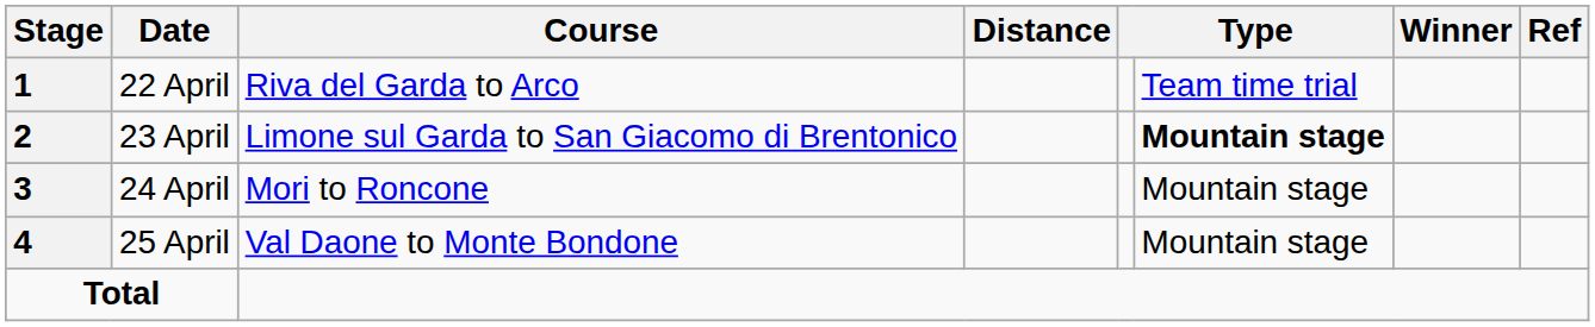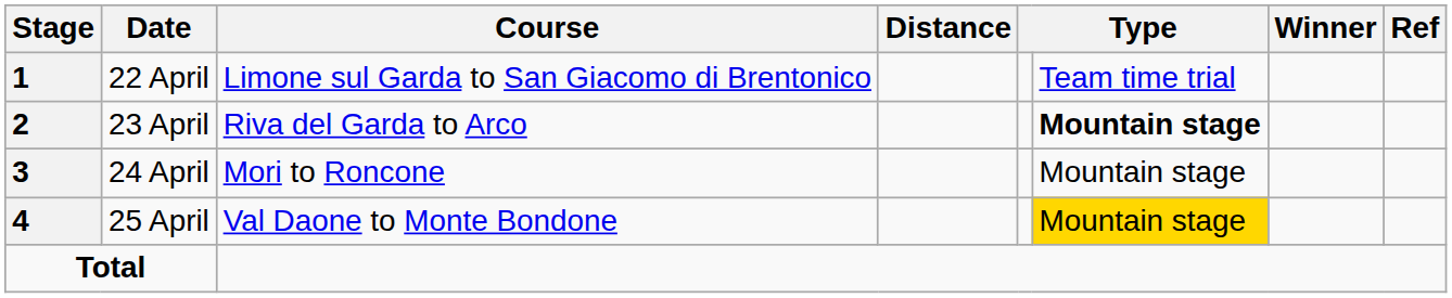 <table class="wikitable">
 <tr>
 <th>Stage</th>
 <th>Date</th>
 <th>Course</th>
 <th>Distance</th>
 <th colspan="2">Type</th>
 <th>Winner</th>
 <th>Ref</th>
 </tr>
 <tr>
 <th style="text-align:left">1</th>
 <td align=right>22 April</td>
-<td><a href='#'>Riva del Garda</a> to <a href='#'>Arco</a></td>
+<td><a href='#'>Limone sul Garda</a> to <a href='#'>San Giacomo di Brentonico</a></td>
 <td style="text-align:center;"></td>
 <td></td>
 <td><a href='#'>Team time trial</a></td>
 <td></td>
 <td></td>
 </tr>
 <tr>
 <th style="text-align:left">2</th>
 <td align=right>23 April</td>
-<td><a href='#'>Limone sul Garda</a> to <a href='#'>San Giacomo di Brentonico</a></td>
+<td><a href='#'>Riva del Garda</a> to <a href='#'>Arco</a></td>
 <td style="text-align:center;"></td>
 <td></td>
 <td><strong>Mountain stage</strong></td>
 <td></td>
 <td></td>
 </tr>
 <tr>
 <th style="text-align:left">3</th>
 <td align=right>24 April</td>
 <td><a href='#'>Mori</a> to <a href='#'>Roncone</a></td>
 <td style="text-align:center;"></td>
 <td></td>
 <td>Mountain stage</td>
 <td></td>
 <td></td>
 </tr>
 <tr>
 <th style="text-align:left">4</th>
 <td align=right>25 April</td>
 <td><a href='#'>Val Daone</a> to <a href='#'>Monte Bondone</a></td>
 <td style="text-align:center;"></td>
 <td></td>
-<td>Mountain stage</td>
+<td style="background: gold;">Mountain stage</td>
 <td></td>
 <td></td>
 </tr>
 <tr>
 <td colspan="2" style="text-align:center;"><strong>Total</strong></td>
 <td colspan="6" style="text-align:center;"></td>
 </tr>
 </table>
